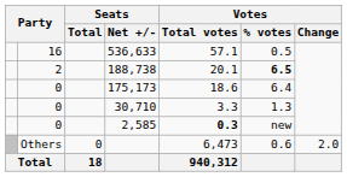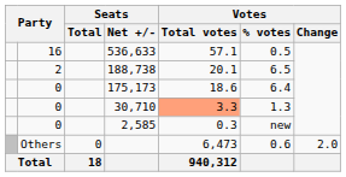 <table class="wikitable" style="text-align:right; font-size:95%;">
 <tr>
 <th colspan="2" rowspan="2">Party</th>
 <th colspan="2">Seats</th>
 <th colspan="3">Votes</th>
 </tr>
 <tr>
 <th>Total</th>
 <th>Net +/-</th>
 <th>Total votes</th>
 <th>% votes</th>
 <th>Change</th>
 </tr>
 <tr>
 <td></td>
 <td>16</td>
 <td></td>
 <td>536,633</td>
 <td>57.1</td>
 <td>0.5</td>
 </tr>
 <tr>
 <td></td>
 <td>2</td>
 <td></td>
 <td>188,738</td>
 <td>20.1</td>
-<td><strong>6.5</strong></td>
+<td>6.5</td>
 </tr>
 <tr>
 <td></td>
 <td>0</td>
 <td></td>
 <td>175,173</td>
 <td>18.6</td>
 <td>6.4</td>
 </tr>
 <tr>
 <td></td>
 <td>0</td>
 <td></td>
 <td>30,710</td>
-<td>3.3</td>
+<td style="background: lightsalmon;">3.3</td>
 <td>1.3</td>
 </tr>
 <tr>
 <td></td>
 <td>0</td>
 <td></td>
 <td>2,585</td>
-<td><strong>0.3</strong></td>
+<td>0.3</td>
 <td>new</td>
 </tr>
 <tr>
 <td style="background:silver;"> </td>
 <td align=left>Others</td>
 <td>0</td>
 <td></td>
 <td>6,473</td>
 <td>0.6</td>
 <td>2.0</td>
 </tr>
 <tr>
 <th colspan="2" style="background:#f2f2f2">Total</th>
 <td style="background:#f2f2f2;"><strong>18</strong></td>
 <td style="background:#f2f2f2;"></td>
 <td style="background:#f2f2f2;"><strong>940,312</strong></td>
 <td style="background:#f2f2f2;"></td>
 <td style="background:#f2f2f2;"></td>
 </tr>
 </table>
